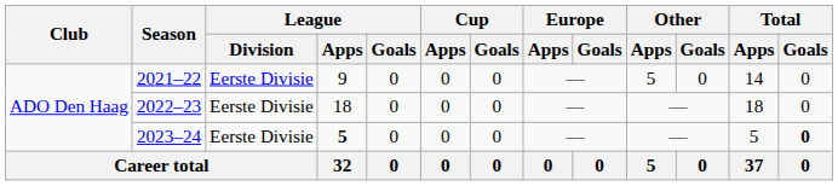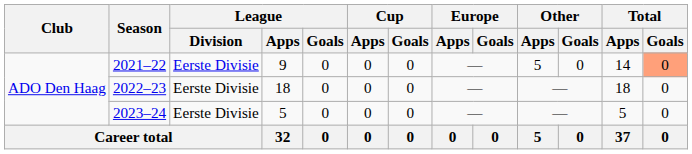 <table class="wikitable" style="text-align:center">
 <tr>
 <th rowspan="2">Club</th>
 <th rowspan="2">Season</th>
 <th colspan="3">League</th>
 <th colspan="2">Cup</th>
 <th colspan="2">Europe</th>
 <th colspan="2">Other</th>
 <th colspan="2">Total</th>
 </tr>
 <tr>
 <th>Division</th>
 <th>Apps</th>
 <th>Goals</th>
 <th>Apps</th>
 <th>Goals</th>
 <th>Apps</th>
 <th>Goals</th>
 <th>Apps</th>
 <th>Goals</th>
 <th>Apps</th>
 <th>Goals</th>
 </tr>
 <tr>
 <td rowspan="3"><a href='#'>ADO Den Haag</a></td>
 <td><a href='#'>2021–22</a></td>
 <td><a href='#'>Eerste Divisie</a></td>
 <td>9</td>
 <td>0</td>
 <td>0</td>
 <td>0</td>
 <td colspan="2">—</td>
 <td>5</td>
 <td>0</td>
 <td>14</td>
-<td>0</td>
+<td style="background: lightsalmon;">0</td>
 </tr>
 <tr>
 <td><a href='#'>2022–23</a></td>
 <td>Eerste Divisie</td>
 <td>18</td>
 <td>0</td>
 <td>0</td>
 <td>0</td>
 <td colspan="2">—</td>
 <td colspan="2">—</td>
 <td>18</td>
 <td>0</td>
 </tr>
 <tr>
 <td><a href='#'>2023–24</a></td>
 <td>Eerste Divisie</td>
-<td><strong>5</strong></td>
+<td>5</td>
 <td>0</td>
 <td>0</td>
 <td>0</td>
 <td colspan="2">—</td>
 <td colspan="2">—</td>
 <td>5</td>
-<td><strong>0</strong></td>
+<td>0</td>
 </tr>
 <tr>
 <th colspan="3">Career total</th>
 <th>32</th>
 <th>0</th>
 <th>0</th>
 <th>0</th>
 <th>0</th>
 <th>0</th>
 <th>5</th>
 <th>0</th>
 <th>37</th>
 <th>0</th>
 </tr>
 </table>
